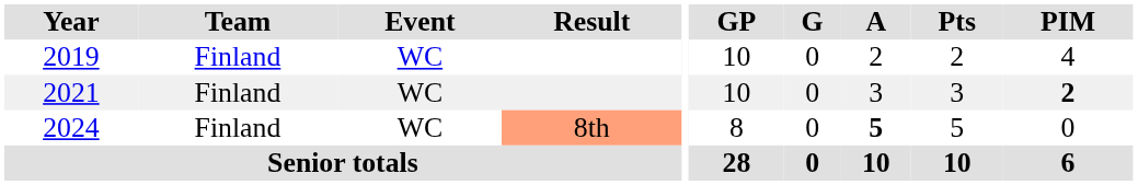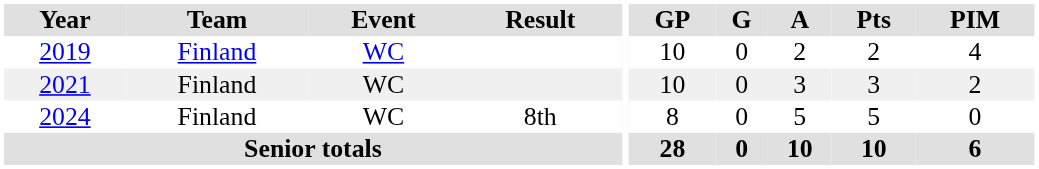 <table border="0" cellpadding="1" cellspacing="0" ID="Table3" style="text-align:center; width:40em">
 <tr ALIGN="center" bgcolor="#e0e0e0">
 <th>Year</th>
 <th>Team</th>
 <th>Event</th>
 <th>Result</th>
 <th rowspan="99" bgcolor="#fff"></th>
 <th>GP</th>
 <th>G</th>
 <th>A</th>
 <th>Pts</th>
 <th>PIM</th>
 </tr>
 <tr>
 <td><a href='#'>2019</a></td>
 <td><a href='#'>Finland</a></td>
 <td><a href='#'>WC</a></td>
 <td></td>
 <td>10</td>
 <td>0</td>
 <td>2</td>
 <td>2</td>
 <td>4</td>
 </tr>
 <tr bgcolor="#f0f0f0">
 <td><a href='#'>2021</a></td>
 <td>Finland</td>
 <td>WC</td>
 <td></td>
 <td>10</td>
 <td>0</td>
 <td>3</td>
 <td>3</td>
-<td><strong>2</strong></td>
+<td>2</td>
 </tr>
 <tr>
 <td><a href='#'>2024</a></td>
 <td>Finland</td>
 <td>WC</td>
-<td style="background: lightsalmon;">8th</td>
+<td>8th</td>
 <td>8</td>
 <td>0</td>
-<td><strong>5</strong></td>
+<td>5</td>
 <td>5</td>
 <td>0</td>
 </tr>
 <tr bgcolor="#e0e0e0">
 <th colspan="4">Senior totals</th>
 <th>28</th>
 <th>0</th>
 <th>10</th>
 <th>10</th>
 <th>6</th>
 </tr>
 </table>
